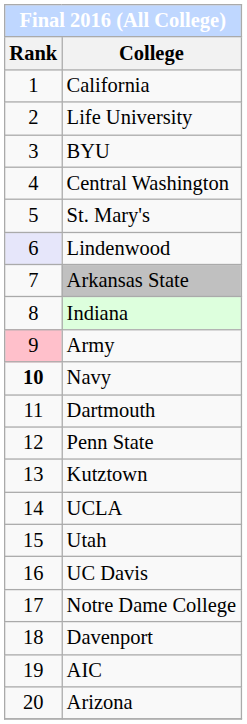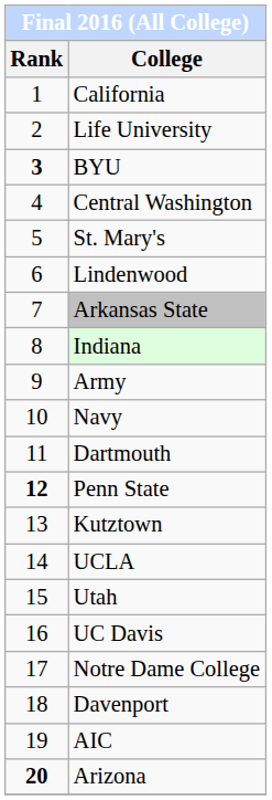 <table class="wikitable sortable collapsible collapsed">
 <tr>
 <th colspan=2 style="background:#BFD7FF;color:white">Final 2016 (All College)</th>
 </tr>
 <tr>
 <th>Rank</th>
 <th>College</th>
 </tr>
 <tr>
 <td align="center ">1</td>
 <td>California</td>
 </tr>
 <tr>
 <td align="center ">2</td>
 <td>Life University</td>
 </tr>
 <tr>
-<td align="center ">3</td>
+<td align="center "><strong>3</strong></td>
 <td>BYU</td>
 </tr>
 <tr>
 <td align="center ">4</td>
 <td>Central Washington</td>
 </tr>
 <tr>
 <td align="center ">5</td>
 <td>St. Mary's</td>
 </tr>
 <tr>
-<td align="center " style="background: lavender;">6</td>
+<td align="center ">6</td>
 <td>Lindenwood</td>
 </tr>
 <tr>
 <td align="center ">7</td>
 <td style="background:silver">Arkansas State</td>
 </tr>
 <tr>
 <td align="center ">8</td>
 <td style="background:#dfd;">Indiana</td>
 </tr>
 <tr>
-<td align="center " style="background: pink;">9</td>
+<td align="center ">9</td>
 <td>Army</td>
 </tr>
 <tr>
-<td align="center "><strong>10</strong></td>
+<td align="center ">10</td>
 <td>Navy</td>
 </tr>
 <tr>
 <td align="center ">11</td>
 <td>Dartmouth</td>
 </tr>
 <tr>
-<td align="center ">12</td>
+<td align="center "><strong>12</strong></td>
 <td>Penn State</td>
 </tr>
 <tr>
 <td align="center ">13</td>
 <td>Kutztown</td>
 </tr>
 <tr>
 <td align="center ">14</td>
 <td>UCLA</td>
 </tr>
 <tr>
 <td align="center ">15</td>
 <td>Utah</td>
 </tr>
 <tr>
 <td align="center ">16</td>
 <td>UC Davis</td>
 </tr>
 <tr>
 <td align="center ">17</td>
 <td>Notre Dame College</td>
 </tr>
 <tr>
 <td align="center ">18</td>
 <td>Davenport</td>
 </tr>
 <tr>
 <td align="center ">19</td>
 <td>AIC</td>
 </tr>
 <tr>
-<td align="center ">20</td>
+<td align="center "><strong>20</strong></td>
 <td>Arizona</td>
 </tr>
 <tr>
 </tr>
 </table>
